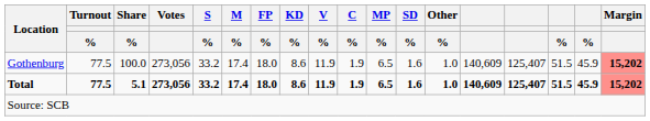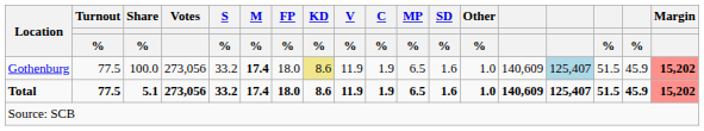 <table class="wikitable sortable" style="text-align:right; font-size:95%; line-height:20px;">
 <tr>
 <th rowspan="3">Location</th>
 <th>Turnout</th>
 <th>Share</th>
 <th>Votes</th>
 <th width="30px" class="unsortable"><a href='#'>S</a></th>
 <th width="30px" class="unsortable"><a href='#'>M</a></th>
 <th width="30px" class="unsortable"><a href='#'>FP</a></th>
 <th width="30px" class="unsortable"><a href='#'>KD</a></th>
 <th width="30px" class="unsortable"><a href='#'>V</a></th>
 <th width="30px" class="unsortable"><a href='#'>C</a></th>
 <th width="30px" class="unsortable"><a href='#'>MP</a></th>
 <th width="30px" class="unsortable"><a href='#'>SD</a></th>
 <th width="30px" class="unsortable">Other</th>
 <th></th>
 <th></th>
 <th></th>
 <th></th>
 <th>Margin</th>
 </tr>
 <tr>
 <th></th>
 <th></th>
 <th></th>
 <th style="background:"></th>
 <th style="background:"></th>
 <th style="background:"></th>
 <th style="background:"></th>
 <th style="background:"></th>
 <th style="background:"></th>
 <th style="background:"></th>
 <th style="background:"></th>
 <th style="background:"></th>
 <th style="background:"></th>
 <th style="background:"></th>
 <th style="background:"></th>
 <th style="background:"></th>
 <th></th>
 </tr>
 <tr>
 <th data-sort-type="number">%</th>
 <th data-sort-type="number">%</th>
 <th></th>
 <th data-sort-type="number">%</th>
 <th data-sort-type="number">%</th>
 <th data-sort-type="number">%</th>
 <th data-sort-type="number">%</th>
 <th data-sort-type="number">%</th>
 <th data-sort-type="number">%</th>
 <th data-sort-type="number">%</th>
 <th data-sort-type="number">%</th>
 <th data-sort-type="number">%</th>
 <th data-sort-type="number"></th>
 <th data-sort-type="number"></th>
 <th data-sort-type="number">%</th>
 <th data-sort-type="number">%</th>
 <th data-sort-type="number"></th>
 </tr>
 <tr>
 <td align=left><a href='#'>Gothenburg</a></td>
 <td>77.5</td>
 <td>100.0</td>
 <td>273,056</td>
 <td>33.2</td>
-<td>17.4</td>
+<td><strong>17.4</strong></td>
 <td>18.0</td>
-<td>8.6</td>
+<td style="background: khaki;">8.6</td>
 <td>11.9</td>
 <td>1.9</td>
 <td>6.5</td>
 <td>1.6</td>
 <td>1.0</td>
 <td>140,609</td>
-<td>125,407</td>
+<td style="background: lightblue;">125,407</td>
 <td>51.5</td>
 <td>45.9</td>
 <td bgcolor=#ff908c><strong>15,202</strong></td>
 </tr>
 <tr>
 <td align=left><strong>Total</strong></td>
 <td><strong>77.5</strong></td>
 <td><strong>5.1</strong></td>
 <td><strong>273,056</strong></td>
 <td><strong>33.2</strong></td>
 <td><strong>17.4</strong></td>
 <td><strong>18.0</strong></td>
 <td><strong>8.6</strong></td>
 <td><strong>11.9</strong></td>
 <td><strong>1.9</strong></td>
 <td><strong>6.5</strong></td>
 <td><strong>1.6</strong></td>
 <td><strong>1.0</strong></td>
 <td><strong>140,609</strong></td>
 <td><strong>125,407</strong></td>
 <td><strong>51.5</strong></td>
 <td><strong>45.9</strong></td>
 <td bgcolor=#ff908c><strong>15,202</strong></td>
 </tr>
 <tr>
 <td align=left colspan=18>Source: SCB </td>
 </tr>
 </table>
